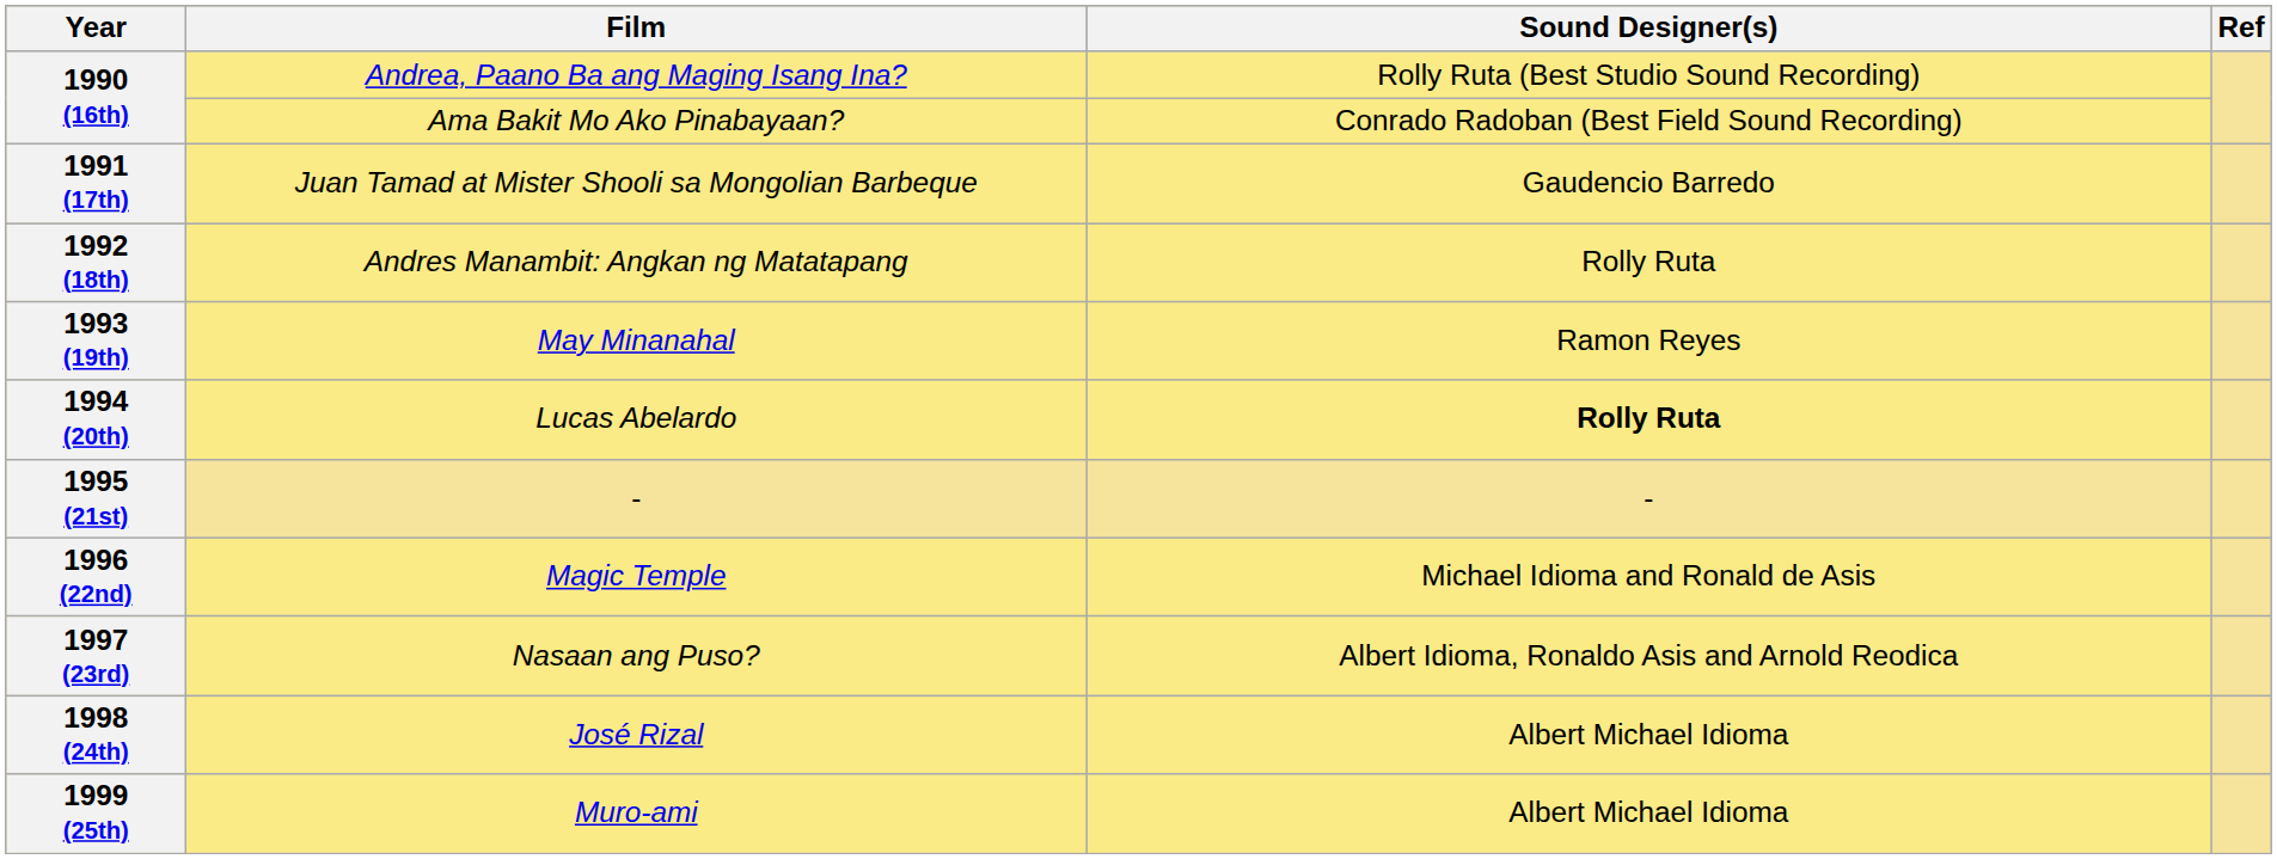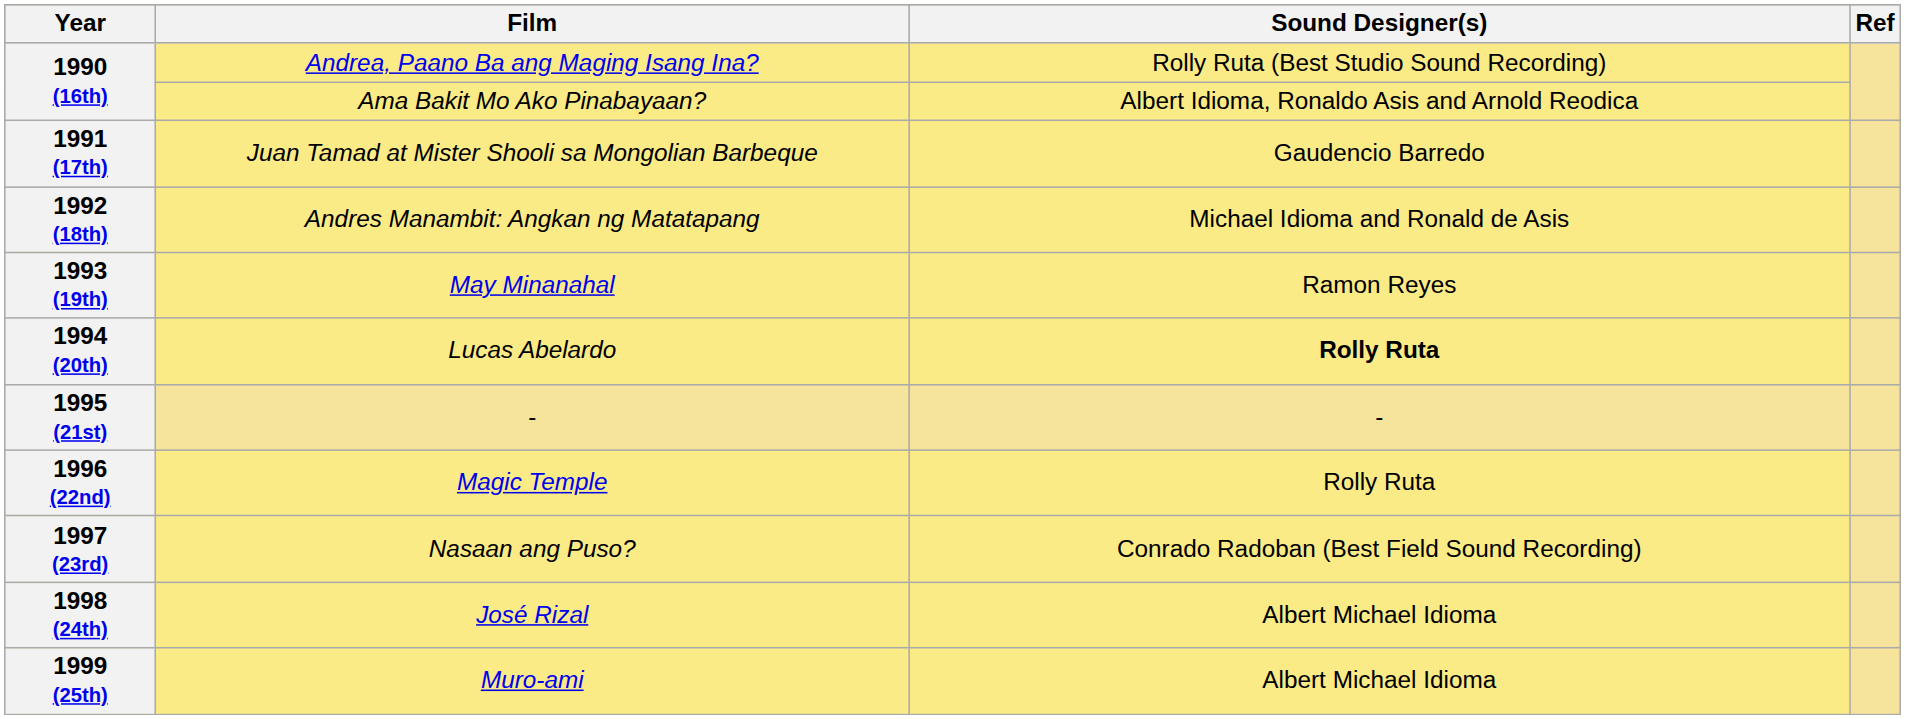 <table class="wikitable" rowspan=2 style="text-align: center; background: #f6e39c">
 <tr style="background:#bebebe;">
 <th scope="col" style="width:8%;">Year</th>
 <th scope="col" style="width:40%;">Film</th>
 <th scope="col" style="width:50%;">Sound Designer(s)</th>
 <th scope="col" style="width:2%;">Ref</th>
 </tr>
 <tr>
 <th scope="row" style="text-align:center" rowspan=2>1990 <br><small><a href='#'>(16th)</a> </small></th>
 <td style="background:#FAEB86"><em><a href='#'>Andrea, Paano Ba ang Maging Isang Ina?</a></em></td>
 <td style="background:#FAEB86">Rolly Ruta (Best Studio Sound Recording)</td>
 <td rowspan=2></td>
 </tr>
 <tr>
 <td style="background:#FAEB86"><em>Ama Bakit Mo Ako Pinabayaan?</em></td>
-<td style="background:#FAEB86">Conrado Radoban (Best Field Sound Recording)</td>
+<td style="background:#FAEB86">Albert Idioma, Ronaldo Asis and Arnold Reodica</td>
 </tr>
 <tr>
 <th scope="row" style="text-align:center">1991 <br><small><a href='#'>(17th)</a> </small></th>
 <td style="background:#FAEB86"><em>Juan Tamad at Mister Shooli sa Mongolian Barbeque</em></td>
 <td style="background:#FAEB86">Gaudencio Barredo</td>
 <td></td>
 </tr>
 <tr>
 <th scope="row" style="text-align:center">1992 <br><small><a href='#'>(18th)</a> </small></th>
 <td style="background:#FAEB86"><em>Andres Manambit: Angkan ng Matatapang</em></td>
-<td style="background:#FAEB86">Rolly Ruta</td>
+<td style="background:#FAEB86">Michael Idioma and Ronald de Asis</td>
 <td></td>
 </tr>
 <tr>
 <th scope="row" style="text-align:center">1993 <br><small><a href='#'>(19th)</a> </small></th>
 <td style="background:#FAEB86"><em><a href='#'>May Minanahal</a></em></td>
 <td style="background:#FAEB86">Ramon Reyes</td>
 <td></td>
 </tr>
 <tr>
 <th scope="row" style="text-align:center">1994 <br><small><a href='#'>(20th)</a> </small></th>
 <td style="background:#FAEB86"><em>Lucas Abelardo</em></td>
 <td style="background:#FAEB86"><strong>Rolly Ruta</strong></td>
 <td></td>
 </tr>
 <tr>
 <th scope="row" style="text-align:center">1995 <br><small><a href='#'>(21st)</a> </small></th>
 <td>-</td>
 <td>-</td>
 <td></td>
 </tr>
 <tr>
 <th scope="row" style="text-align:center">1996 <br><small><a href='#'>(22nd)</a> </small></th>
 <td style="background:#FAEB86"><em><a href='#'>Magic Temple</a></em></td>
-<td style="background:#FAEB86">Michael Idioma and Ronald de Asis</td>
+<td style="background:#FAEB86">Rolly Ruta</td>
 <td></td>
 </tr>
 <tr>
 <th scope="row" style="text-align:center">1997 <br><small><a href='#'>(23rd)</a> </small></th>
 <td style="background:#FAEB86"><em>Nasaan ang Puso?</em></td>
-<td style="background:#FAEB86">Albert Idioma, Ronaldo Asis and Arnold Reodica</td>
+<td style="background:#FAEB86">Conrado Radoban (Best Field Sound Recording)</td>
 <td></td>
 </tr>
 <tr>
 <th scope="row" style="text-align:center">1998 <br><small><a href='#'>(24th)</a> </small></th>
 <td style="background:#FAEB86"><em><a href='#'>José Rizal</a></em></td>
 <td style="background:#FAEB86">Albert Michael Idioma</td>
 <td></td>
 </tr>
 <tr>
 <th scope="row" style="text-align:center">1999 <br><small><a href='#'>(25th)</a> </small></th>
 <td style="background:#FAEB86"><em><a href='#'>Muro-ami</a></em></td>
 <td style="background:#FAEB86">Albert Michael Idioma</td>
 <td></td>
 </tr>
 </table>
